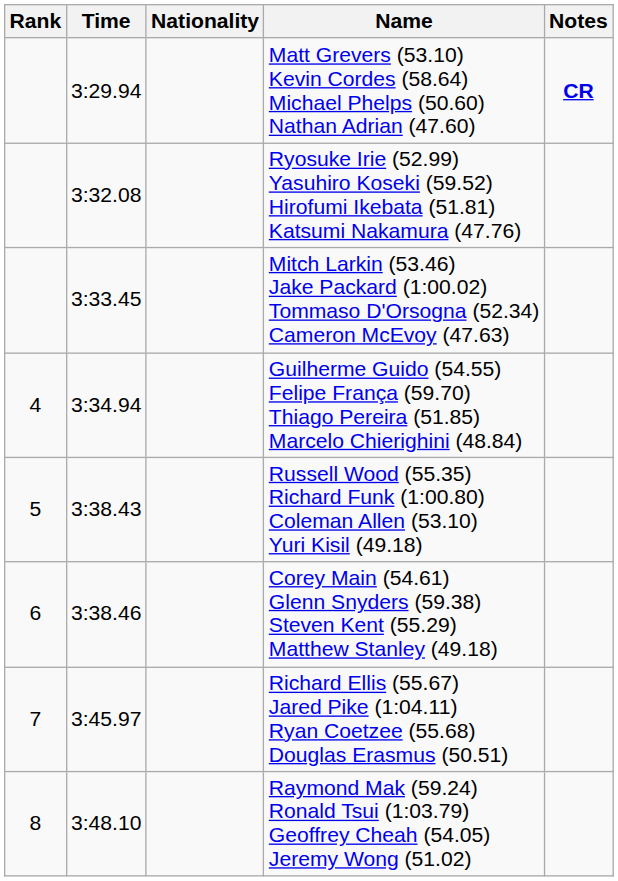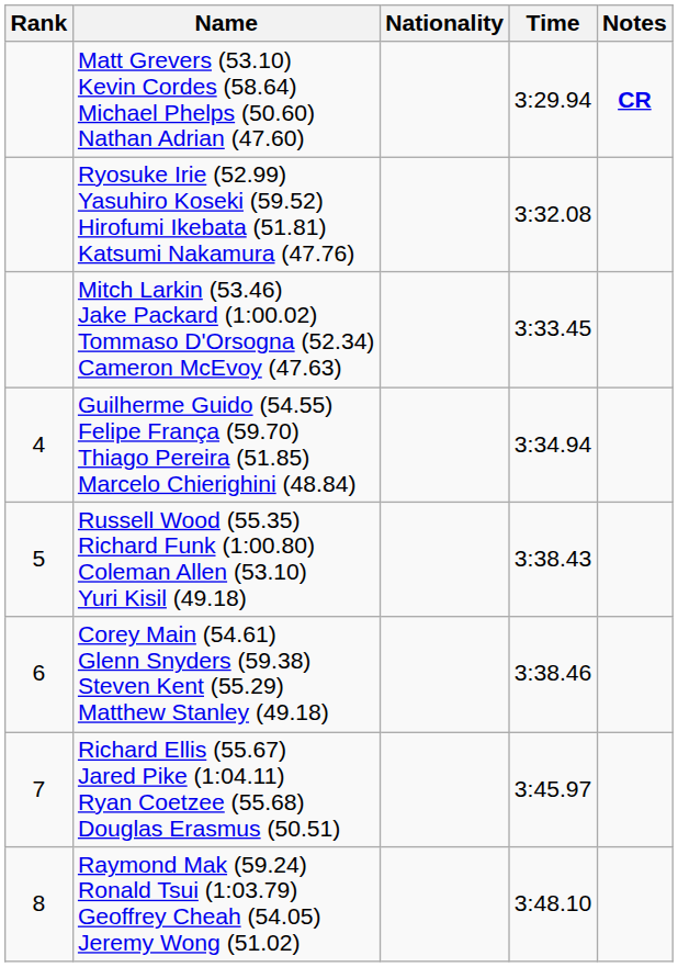 <table class="wikitable sortable" style="text-align:center">
 <tr>
 <th>Rank</th>
+<th>Name</th>
+<th>Nationality</th>
 <th>Time</th>
-<th>Nationality</th>
-<th>Name</th>
 <th>Notes</th>
 </tr>
 <tr>
 <td></td>
+<td align=left><a href='#'>Matt Grevers</a> (53.10) <br><a href='#'>Kevin Cordes</a> (58.64) <br><a href='#'>Michael Phelps</a> (50.60) <br><a href='#'>Nathan Adrian</a> (47.60)</td>
+<td align=left></td>
 <td>3:29.94</td>
-<td align=left></td>
-<td align=left><a href='#'>Matt Grevers</a> (53.10) <br><a href='#'>Kevin Cordes</a> (58.64) <br><a href='#'>Michael Phelps</a> (50.60) <br><a href='#'>Nathan Adrian</a> (47.60)</td>
 <td><strong><a href='#'>CR</a></strong></td>
 </tr>
 <tr>
 <td></td>
+<td align=left><a href='#'>Ryosuke Irie</a> (52.99) <br><a href='#'>Yasuhiro Koseki</a> (59.52) <br><a href='#'>Hirofumi Ikebata</a> (51.81) <br><a href='#'>Katsumi Nakamura</a> (47.76)</td>
+<td align=left></td>
 <td>3:32.08</td>
-<td align=left></td>
-<td align=left><a href='#'>Ryosuke Irie</a> (52.99) <br><a href='#'>Yasuhiro Koseki</a> (59.52) <br><a href='#'>Hirofumi Ikebata</a> (51.81) <br><a href='#'>Katsumi Nakamura</a> (47.76)</td>
 <td></td>
 </tr>
 <tr>
 <td></td>
+<td align=left><a href='#'>Mitch Larkin</a> (53.46) <br><a href='#'>Jake Packard</a> (1:00.02) <br><a href='#'>Tommaso D'Orsogna</a> (52.34) <br><a href='#'>Cameron McEvoy</a> (47.63)</td>
+<td align=left></td>
 <td>3:33.45</td>
-<td align=left></td>
-<td align=left><a href='#'>Mitch Larkin</a> (53.46) <br><a href='#'>Jake Packard</a> (1:00.02) <br><a href='#'>Tommaso D'Orsogna</a> (52.34) <br><a href='#'>Cameron McEvoy</a> (47.63)</td>
 <td></td>
 </tr>
 <tr>
 <td>4</td>
+<td align=left><a href='#'>Guilherme Guido</a> (54.55) <br><a href='#'>Felipe França</a> (59.70) <br><a href='#'>Thiago Pereira</a> (51.85) <br><a href='#'>Marcelo Chierighini</a> (48.84)</td>
+<td align=left></td>
 <td>3:34.94</td>
-<td align=left></td>
-<td align=left><a href='#'>Guilherme Guido</a> (54.55) <br><a href='#'>Felipe França</a> (59.70) <br><a href='#'>Thiago Pereira</a> (51.85) <br><a href='#'>Marcelo Chierighini</a> (48.84)</td>
 <td></td>
 </tr>
 <tr>
 <td>5</td>
+<td align=left><a href='#'>Russell Wood</a> (55.35) <br><a href='#'>Richard Funk</a> (1:00.80) <br><a href='#'>Coleman Allen</a> (53.10) <br><a href='#'>Yuri Kisil</a> (49.18)</td>
+<td align=left></td>
 <td>3:38.43</td>
-<td align=left></td>
-<td align=left><a href='#'>Russell Wood</a> (55.35) <br><a href='#'>Richard Funk</a> (1:00.80) <br><a href='#'>Coleman Allen</a> (53.10) <br><a href='#'>Yuri Kisil</a> (49.18)</td>
 <td></td>
 </tr>
 <tr>
 <td>6</td>
+<td align=left><a href='#'>Corey Main</a> (54.61) <br><a href='#'>Glenn Snyders</a> (59.38) <br><a href='#'>Steven Kent</a> (55.29) <br><a href='#'>Matthew Stanley</a> (49.18)</td>
+<td align=left></td>
 <td>3:38.46</td>
-<td align=left></td>
-<td align=left><a href='#'>Corey Main</a> (54.61) <br><a href='#'>Glenn Snyders</a> (59.38) <br><a href='#'>Steven Kent</a> (55.29) <br><a href='#'>Matthew Stanley</a> (49.18)</td>
 <td></td>
 </tr>
 <tr>
 <td>7</td>
+<td align=left><a href='#'>Richard Ellis</a> (55.67) <br> <a href='#'>Jared Pike</a> (1:04.11) <br> <a href='#'>Ryan Coetzee</a> (55.68) <br> <a href='#'>Douglas Erasmus</a> (50.51)</td>
+<td align=left></td>
 <td>3:45.97</td>
-<td align=left></td>
-<td align=left><a href='#'>Richard Ellis</a> (55.67) <br> <a href='#'>Jared Pike</a> (1:04.11) <br> <a href='#'>Ryan Coetzee</a> (55.68) <br> <a href='#'>Douglas Erasmus</a> (50.51)</td>
 <td></td>
 </tr>
 <tr>
 <td>8</td>
+<td align=left><a href='#'>Raymond Mak</a> (59.24) <br><a href='#'>Ronald Tsui</a> (1:03.79) <br><a href='#'>Geoffrey Cheah</a> (54.05) <br><a href='#'>Jeremy Wong</a> (51.02)</td>
+<td align=left></td>
 <td>3:48.10</td>
-<td align=left></td>
-<td align=left><a href='#'>Raymond Mak</a> (59.24) <br><a href='#'>Ronald Tsui</a> (1:03.79) <br><a href='#'>Geoffrey Cheah</a> (54.05) <br><a href='#'>Jeremy Wong</a> (51.02)</td>
 <td></td>
 </tr>
 </table>
